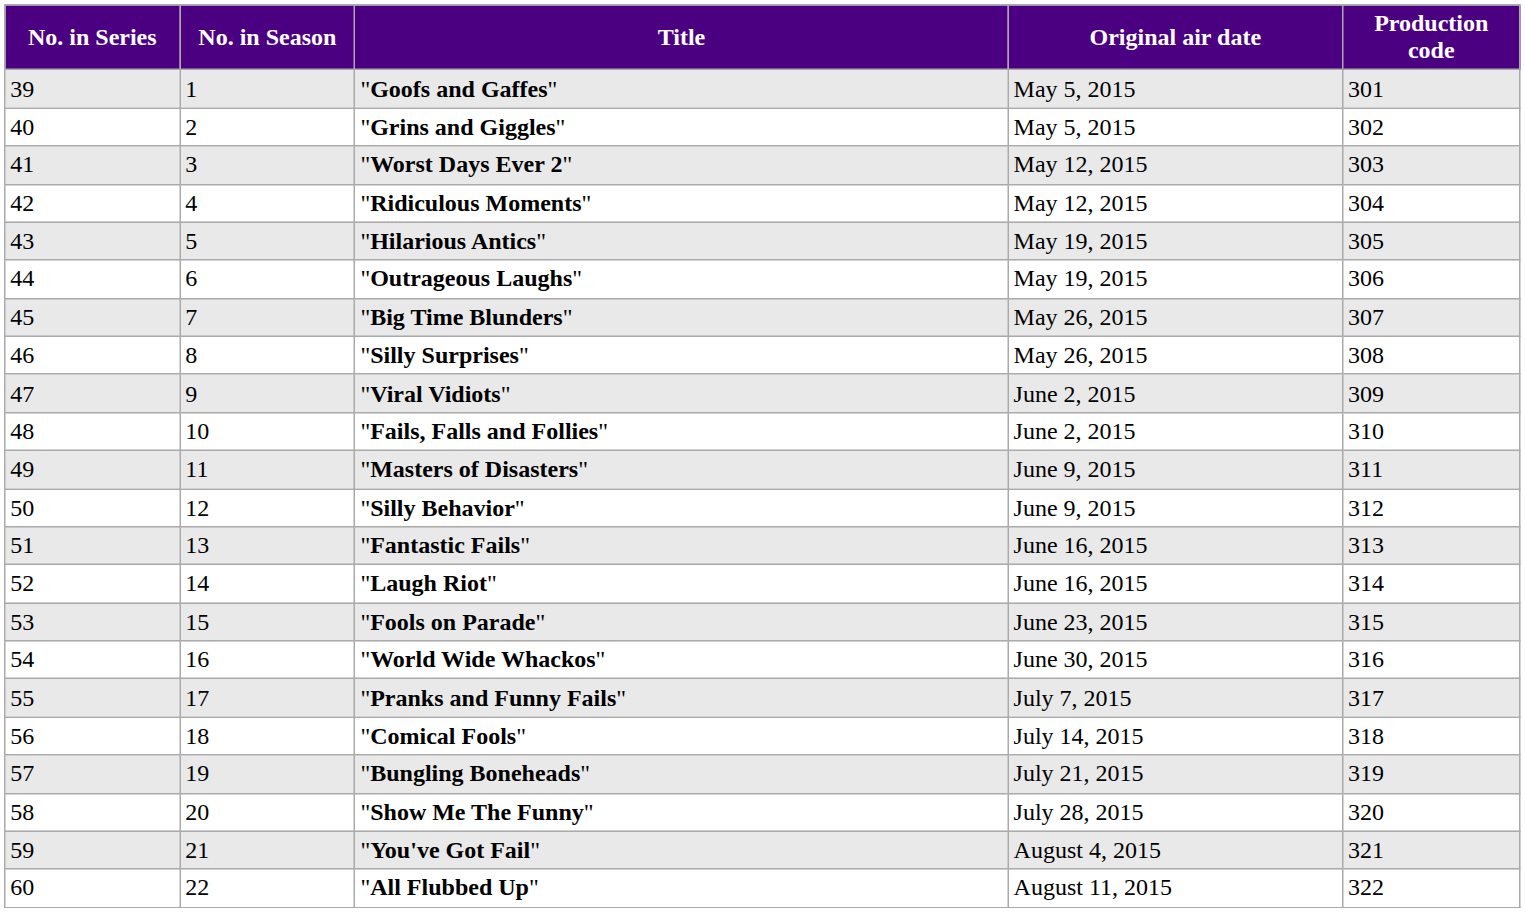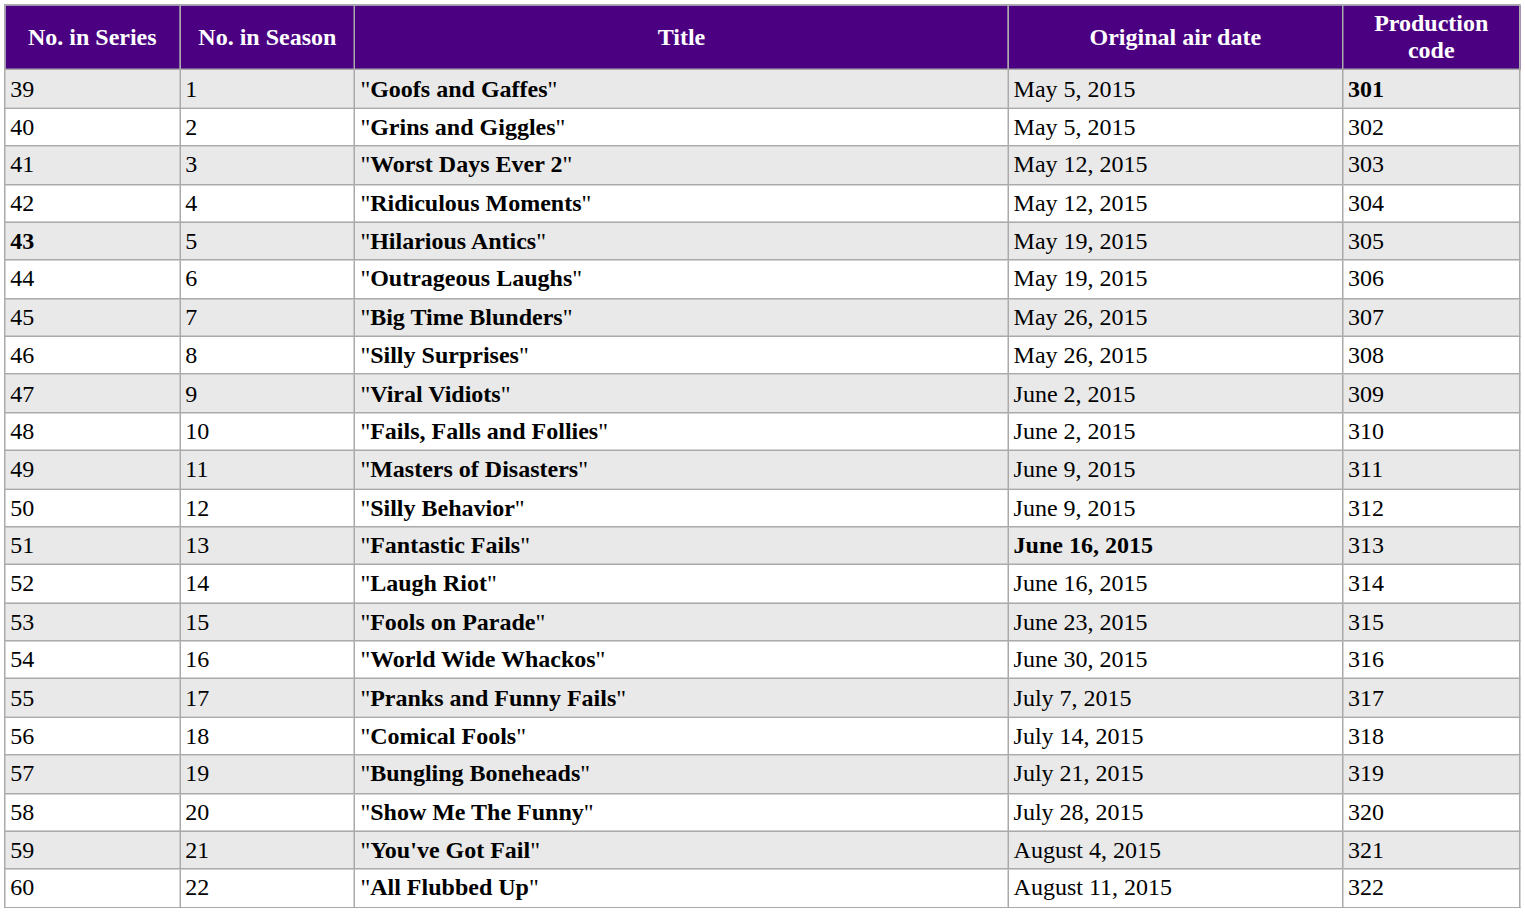 <table class="wikitable" width=80%>
 <tr>
 <th style="background-color: #4B0082; color:#fff; width:75px;">No. in Series</th>
 <th style="background-color: #4B0082; color:#fff; width:75px;">No. in Season</th>
 <th style="background-color: #4B0082; color:#fff; width:300px;">Title</th>
 <th style="background-color: #4B0082; color:#fff; width:150px;">Original air date</th>
 <th style="background-color: #4B0082; color:#fff; width:50px;">Production code</th>
 </tr>
 <tr style="background-color: #e9e9e9;">
 <td rowspan="1">39</td>
 <td>1</td>
 <td>"<strong>Goofs and Gaffes</strong>"</td>
 <td>May 5, 2015</td>
-<td>301</td>
+<td><strong>301</strong></td>
 </tr>
 <tr style="background-color: #ffffff;">
 <td rowspan="1">40</td>
 <td>2</td>
 <td>"<strong>Grins and Giggles</strong>"</td>
 <td>May 5, 2015</td>
 <td>302</td>
 </tr>
 <tr style="background-color: #e9e9e9;">
 <td rowspan="1">41</td>
 <td>3</td>
 <td>"<strong>Worst Days Ever 2</strong>"</td>
 <td>May 12, 2015</td>
 <td>303</td>
 </tr>
 <tr style="background-color: #ffffff;">
 <td rowspan="1">42</td>
 <td>4</td>
 <td>"<strong>Ridiculous Moments</strong>"</td>
 <td>May 12, 2015</td>
 <td>304</td>
 </tr>
 <tr style="background-color: #e9e9e9;">
-<td rowspan="1">43</td>
+<td rowspan="1"><strong>43</strong></td>
 <td>5</td>
 <td>"<strong>Hilarious Antics</strong>"</td>
 <td>May 19, 2015</td>
 <td>305</td>
 </tr>
 <tr style="background-color: #ffffff;">
 <td rowspan="1">44</td>
 <td>6</td>
 <td>"<strong>Outrageous Laughs</strong>"</td>
 <td>May 19, 2015</td>
 <td>306</td>
 </tr>
 <tr style="background-color: #e9e9e9;">
 <td rowspan="1">45</td>
 <td>7</td>
 <td>"<strong>Big Time Blunders</strong>"</td>
 <td>May 26, 2015</td>
 <td>307</td>
 </tr>
 <tr style="background-color: #ffffff;">
 <td rowspan="1">46</td>
 <td>8</td>
 <td>"<strong>Silly Surprises</strong>"</td>
 <td>May 26, 2015</td>
 <td>308</td>
 </tr>
 <tr style="background-color: #e9e9e9;">
 <td rowspan="1">47</td>
 <td>9</td>
 <td>"<strong>Viral Vidiots</strong>"</td>
 <td>June 2, 2015</td>
 <td>309</td>
 </tr>
 <tr style="background-color: #ffffff;">
 <td rowspan="1">48</td>
 <td>10</td>
 <td>"<strong>Fails, Falls and Follies</strong>"</td>
 <td>June 2, 2015</td>
 <td>310</td>
 </tr>
 <tr style="background-color: #e9e9e9;">
 <td rowspan="1">49</td>
 <td>11</td>
 <td>"<strong>Masters of Disasters</strong>"</td>
 <td>June 9, 2015</td>
 <td>311</td>
 </tr>
 <tr style="background-color: #ffffff;">
 <td rowspan="1">50</td>
 <td>12</td>
 <td>"<strong>Silly Behavior</strong>"</td>
 <td>June 9, 2015</td>
 <td>312</td>
 </tr>
 <tr style="background-color: #e9e9e9;">
 <td rowspan="1">51</td>
 <td>13</td>
 <td>"<strong>Fantastic Fails</strong>"</td>
-<td>June 16, 2015</td>
+<td><strong>June 16, 2015</strong></td>
 <td>313</td>
 </tr>
 <tr style="background-color: #ffffff;">
 <td rowspan="1">52</td>
 <td>14</td>
 <td>"<strong>Laugh Riot</strong>"</td>
 <td>June 16, 2015</td>
 <td>314</td>
 </tr>
 <tr style="background-color: #e9e9e9;">
 <td rowspan="1">53</td>
 <td>15</td>
 <td>"<strong>Fools on Parade</strong>"</td>
 <td>June 23, 2015</td>
 <td>315</td>
 </tr>
 <tr style="background-color: #ffffff;">
 <td rowspan="1">54</td>
 <td>16</td>
 <td>"<strong>World Wide Whackos</strong>"</td>
 <td>June 30, 2015</td>
 <td>316</td>
 </tr>
 <tr style="background-color: #e9e9e9;">
 <td rowspan="1">55</td>
 <td>17</td>
 <td>"<strong>Pranks and Funny Fails</strong>"</td>
 <td>July 7, 2015</td>
 <td>317</td>
 </tr>
 <tr style="background-color: #ffffff;">
 <td rowspan="1">56</td>
 <td>18</td>
 <td>"<strong>Comical Fools</strong>"</td>
 <td>July 14, 2015</td>
 <td>318</td>
 </tr>
 <tr style="background-color: #e9e9e9;">
 <td rowspan="1">57</td>
 <td>19</td>
 <td>"<strong>Bungling Boneheads</strong>"</td>
 <td>July 21, 2015</td>
 <td>319</td>
 </tr>
 <tr style="background-color: #ffffff;">
 <td rowspan="1">58</td>
 <td>20</td>
 <td>"<strong>Show Me The Funny</strong>"</td>
 <td>July 28, 2015</td>
 <td>320</td>
 </tr>
 <tr style="background-color: #e9e9e9;">
 <td rowspan="1">59</td>
 <td>21</td>
 <td>"<strong>You've Got Fail</strong>"</td>
 <td>August 4, 2015</td>
 <td>321</td>
 </tr>
 <tr style="background-color: #ffffff;">
 <td rowspan="1">60</td>
 <td>22</td>
 <td>"<strong>All Flubbed Up</strong>"</td>
 <td>August 11, 2015</td>
 <td>322</td>
 </tr>
 <tr style="background-color: #e9e9e9;">
 </tr>
 </table>
